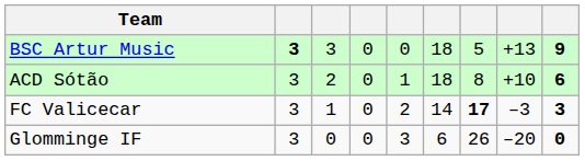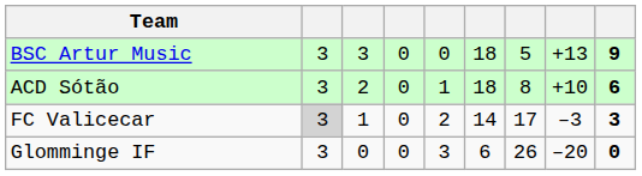 <table class="wikitable" style="text-align: center;">
 <tr>
 <th width="185">Team</th>
 <th width="20"></th>
 <th width="20"></th>
 <th width="20"></th>
 <th width="20"></th>
 <th width="20"></th>
 <th width="20"></th>
 <th width="25"></th>
 <th width="20"></th>
 </tr>
 <tr bgcolor=#ccffcc>
 <td align=left> <a href='#'>BSC Artur Music</a></td>
-<td><strong>3</strong></td>
+<td>3</td>
 <td>3</td>
 <td>0</td>
 <td>0</td>
 <td>18</td>
 <td>5</td>
 <td>+13</td>
 <td><strong>9</strong></td>
 </tr>
 <tr bgcolor=#ccffcc>
 <td align=left> ACD Sótão</td>
 <td>3</td>
 <td>2</td>
 <td>0</td>
 <td>1</td>
 <td>18</td>
 <td>8</td>
 <td>+10</td>
 <td><strong>6</strong></td>
 </tr>
 <tr>
 <td align=left> FC Valicecar</td>
-<td>3</td>
+<td style="background: lightgrey;">3</td>
 <td>1</td>
 <td>0</td>
 <td>2</td>
 <td>14</td>
-<td><strong>17</strong></td>
+<td>17</td>
 <td>–3</td>
 <td><strong>3</strong></td>
 </tr>
 <tr>
 <td align=left> Glomminge IF</td>
 <td>3</td>
 <td>0</td>
 <td>0</td>
 <td>3</td>
 <td>6</td>
 <td>26</td>
 <td>–20</td>
 <td><strong>0</strong></td>
 </tr>
 </table>
